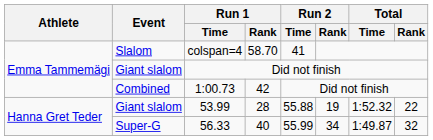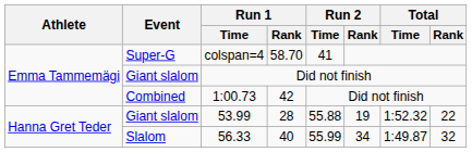 <table class="wikitable" style="font-size:90%">
 <tr>
 <th rowspan=2>Athlete</th>
 <th rowspan=2>Event</th>
 <th colspan=2>Run 1</th>
 <th colspan=2>Run 2</th>
 <th colspan=2>Total</th>
 </tr>
 <tr style="font-size:95%">
 <th>Time</th>
 <th>Rank</th>
 <th>Time</th>
 <th>Rank</th>
 <th>Time</th>
 <th>Rank</th>
 </tr>
 <tr align=center>
 <td align="left" rowspan="3"><a href='#'>Emma Tammemägi</a></td>
-<td align="left"><a href='#'>Slalom</a></td>
+<td align="left"><a href='#'>Super-G</a></td>
 <td>colspan=4</td>
 <td>58.70</td>
 <td>41</td>
 </tr>
 <tr align=center>
 <td align="left"><a href='#'>Giant slalom</a></td>
 <td colspan=6>Did not finish</td>
 </tr>
 <tr align=center>
 <td align="left"><a href='#'>Combined</a></td>
 <td>1:00.73</td>
 <td>42</td>
 <td colspan=4>Did not finish</td>
 </tr>
 <tr align=center>
 <td align="left" rowspan="2"><a href='#'>Hanna Gret Teder</a></td>
 <td align="left"><a href='#'>Giant slalom</a></td>
 <td>53.99</td>
 <td>28</td>
 <td>55.88</td>
 <td>19</td>
 <td>1:52.32</td>
 <td>22</td>
 </tr>
 <tr align=center>
-<td align="left"><a href='#'>Super-G</a></td>
+<td align="left"><a href='#'>Slalom</a></td>
 <td>56.33</td>
 <td>40</td>
 <td>55.99</td>
 <td>34</td>
 <td>1:49.87</td>
 <td>32</td>
 </tr>
 </table>
